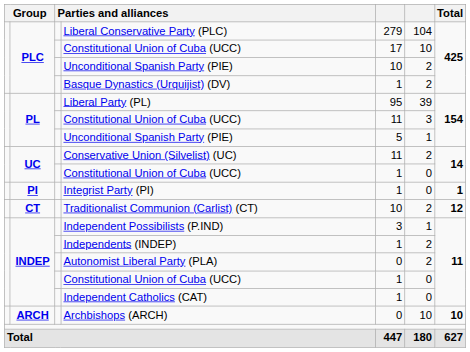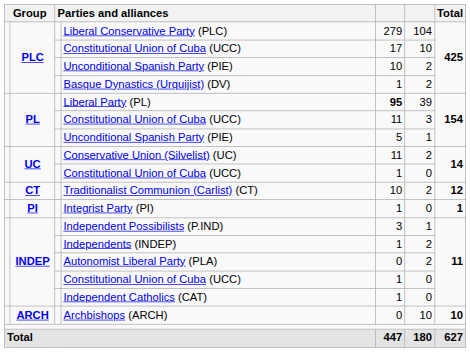 <table class="wikitable" style="text-align:right;">
 <tr>
 <th colspan="2" width="65">Group</th>
 <th style="text-align:left;" colspan="2" width="450">Parties and alliances</th>
 <th width="35"></th>
 <th width="35"></th>
 <th width="35">Total</th>
 </tr>
 <tr>
 <td rowspan="4" width="1"></td>
 <td rowspan="4" align="center"><strong><a href='#'>PLC</a></strong></td>
 <td width="1" style="color:inherit;background:"></td>
 <td align="left"><a href='#'>Liberal Conservative Party</a> (PLC)</td>
 <td>279</td>
 <td>104</td>
 <td rowspan="4"><strong>425</strong></td>
 </tr>
 <tr>
 <td style="color:inherit;background:"></td>
 <td align="left"><a href='#'>Constitutional Union of Cuba</a> (UCC)</td>
 <td>17</td>
 <td>10</td>
 </tr>
 <tr>
 <td style="color:inherit;background:"></td>
 <td align="left"><a href='#'>Unconditional Spanish Party</a> (PIE)</td>
 <td>10</td>
 <td>2</td>
 </tr>
 <tr>
 <td style="color:inherit;background:"></td>
 <td align="left"><a href='#'>Basque Dynastics (Urquijist)</a> (DV)</td>
 <td>1</td>
 <td>2</td>
 </tr>
 <tr>
 <td rowspan="3" style="color:inherit;background:"></td>
 <td rowspan="3" align="center"><strong><a href='#'>PL</a></strong></td>
 <td style="color:inherit;background:"></td>
 <td align="left"><a href='#'>Liberal Party</a> (PL)</td>
-<td>95</td>
+<td><strong>95</strong></td>
 <td>39</td>
 <td rowspan="3"><strong>154</strong></td>
 </tr>
 <tr>
 <td style="color:inherit;background:"></td>
 <td align="left"><a href='#'>Constitutional Union of Cuba</a> (UCC)</td>
 <td>11</td>
 <td>3</td>
 </tr>
 <tr>
 <td style="color:inherit;background:"></td>
 <td align="left"><a href='#'>Unconditional Spanish Party</a> (PIE)</td>
 <td>5</td>
 <td>1</td>
 </tr>
 <tr>
 <td rowspan="2" style="color:inherit;background:"></td>
 <td rowspan="2" align="center"><strong><a href='#'>UC</a></strong></td>
 <td style="color:inherit;background:"></td>
 <td align="left"><a href='#'>Conservative Union (Silvelist)</a> (UC)</td>
 <td>11</td>
 <td>2</td>
 <td rowspan="2"><strong>14</strong></td>
 </tr>
 <tr>
 <td style="color:inherit;background:"></td>
 <td align="left"><a href='#'>Constitutional Union of Cuba</a> (UCC)</td>
 <td>1</td>
 <td>0</td>
 </tr>
 <tr>
 <td style="color:inherit;background:"></td>
+<td align="center"><strong><a href='#'>CT</a></strong></td>
+<td style="color:inherit;background:"></td>
+<td align="left"><a href='#'>Traditionalist Communion (Carlist)</a> (CT)</td>
+<td>10</td>
+<td>2</td>
+<td><strong>12</strong></td>
+</tr>
+<tr>
+<td style="color:inherit;background:"></td>
 <td align="center"><strong><a href='#'>PI</a></strong></td>
 <td style="color:inherit;background:"></td>
 <td align="left"><a href='#'>Integrist Party</a> (PI)</td>
 <td>1</td>
 <td>0</td>
 <td><strong>1</strong></td>
-</tr>
-<tr>
-<td style="color:inherit;background:"></td>
-<td align="center"><strong><a href='#'>CT</a></strong></td>
-<td style="color:inherit;background:"></td>
-<td align="left"><a href='#'>Traditionalist Communion (Carlist)</a> (CT)</td>
-<td>10</td>
-<td>2</td>
-<td><strong>12</strong></td>
 </tr>
 <tr>
 <td rowspan="5" style="color:inherit;background:"></td>
 <td rowspan="5" align="center"><strong><a href='#'>INDEP</a></strong></td>
 <td style="color:inherit;background:"></td>
 <td align="left"><a href='#'>Independent Possibilists</a> (P.IND)</td>
 <td>3</td>
 <td>1</td>
 <td rowspan="5"><strong>11</strong></td>
 </tr>
 <tr>
 <td style="color:inherit;background:"></td>
 <td align="left"><a href='#'>Independents</a> (INDEP)</td>
 <td>1</td>
 <td>2</td>
 </tr>
 <tr>
 <td style="color:inherit;background:"></td>
 <td align="left"><a href='#'>Autonomist Liberal Party</a> (PLA)</td>
 <td>0</td>
 <td>2</td>
 </tr>
 <tr>
 <td style="color:inherit;background:"></td>
 <td align="left"><a href='#'>Constitutional Union of Cuba</a> (UCC)</td>
 <td>1</td>
 <td>0</td>
 </tr>
 <tr>
 <td style="color:inherit;background:"></td>
 <td align="left"><a href='#'>Independent Catholics</a> (CAT)</td>
 <td>1</td>
 <td>0</td>
 </tr>
 <tr>
 <td style="color:inherit;background:"></td>
 <td align="center"><strong><a href='#'>ARCH</a></strong></td>
 <td style="color:inherit;background:"></td>
 <td align="left"><a href='#'>Archbishops</a> (ARCH)</td>
 <td>0</td>
 <td>10</td>
 <td><strong>10</strong></td>
 </tr>
 <tr>
 <td colspan="7"></td>
 </tr>
 <tr style="background:#E4E4E4; font-weight:bold;">
 <td align="left" colspan="4">Total</td>
 <td>447</td>
 <td>180</td>
 <td>627</td>
 </tr>
 </table>
